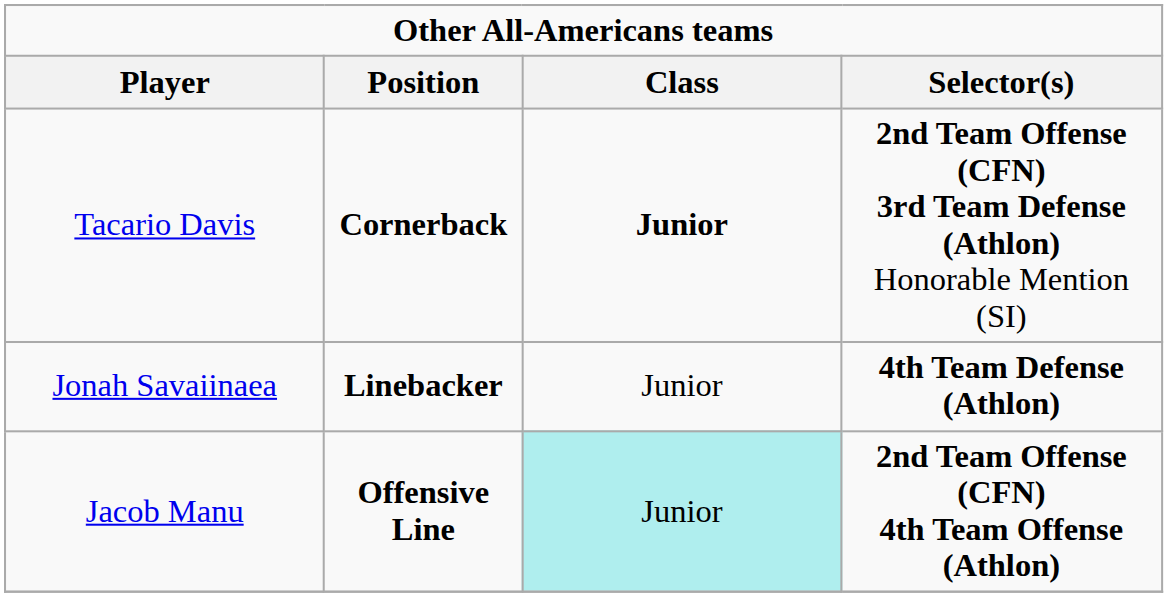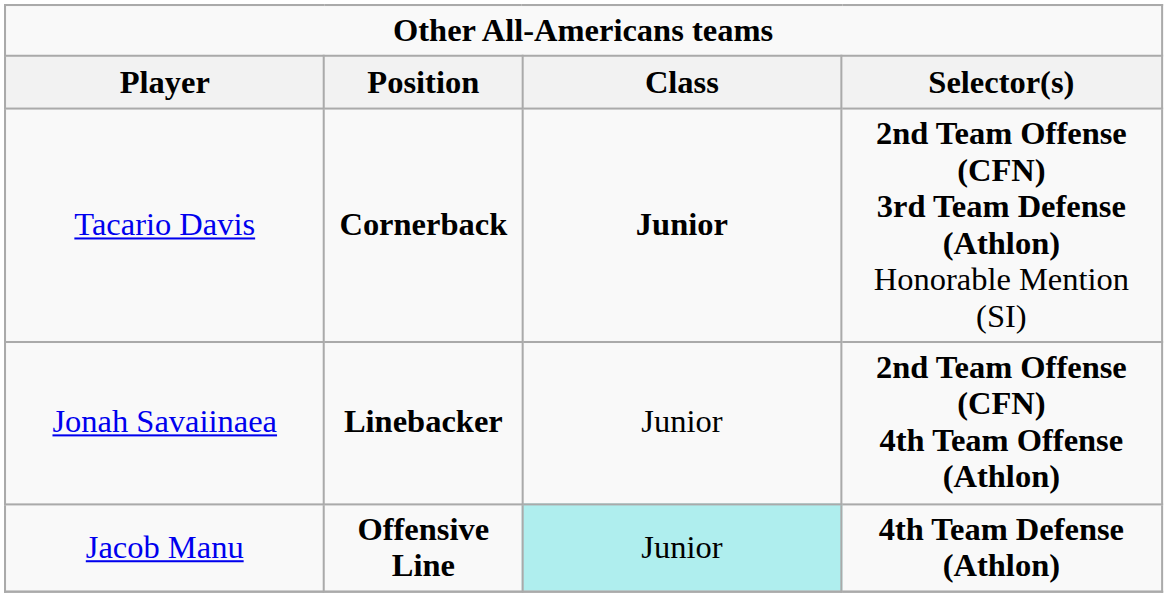 <table class="wikitable" style="text-align:center">
 <tr>
 <td colspan="6" style="text-align:center; "><strong>Other All-Americans teams</strong></td>
 </tr>
 <tr>
 <th style="width:150px; ">Player</th>
 <th style="width:90px; ">Position</th>
 <th style="width:150px; ">Class</th>
 <th style="width:150px; ">Selector(s)</th>
 </tr>
 <tr>
 <td><a href='#'>Tacario Davis</a></td>
 <td><strong>Cornerback</strong></td>
 <td><strong>Junior</strong></td>
 <td><strong>2nd Team Offense (CFN)</strong> <br> <strong>3rd Team Defense (Athlon)</strong> <br> Honorable Mention (SI)</td>
 </tr>
 <tr>
 <td><a href='#'>Jonah Savaiinaea</a></td>
 <td><strong>Linebacker</strong></td>
 <td>Junior</td>
-<td><strong>4th Team Defense (Athlon)</strong></td>
+<td><strong>2nd Team Offense (CFN)</strong> <br><strong>4th Team Offense (Athlon)</strong></td>
 </tr>
 <tr>
 <td><a href='#'>Jacob Manu</a></td>
 <td><strong>Offensive Line</strong></td>
 <td style="background: paleturquoise;">Junior</td>
-<td><strong>2nd Team Offense (CFN)</strong> <br><strong>4th Team Offense (Athlon)</strong></td>
+<td><strong>4th Team Defense (Athlon)</strong></td>
 </tr>
 <tr>
 </tr>
 </table>
